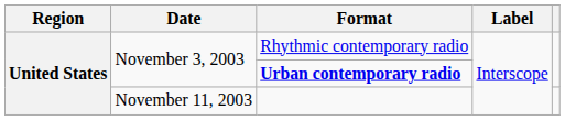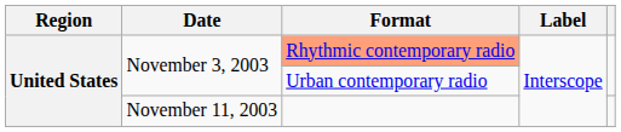 <table class="wikitable plainrowheaders">
 <tr>
 <th scope="col">Region</th>
 <th scope="col">Date</th>
 <th scope="col">Format</th>
 <th scope="col">Label</th>
 <th scope="col"></th>
 </tr>
 <tr>
 <th scope="row" rowspan="3">United States</th>
 <td rowspan="2">November 3, 2003</td>
-<td><a href='#'>Rhythmic contemporary radio</a></td>
+<td style="background: lightsalmon;"><a href='#'>Rhythmic contemporary radio</a></td>
 <td rowspan="3"><a href='#'>Interscope</a></td>
 <td align="center" rowspan="2"></td>
 </tr>
 <tr>
-<td><strong><a href='#'>Urban contemporary radio</a></strong></td>
+<td><a href='#'>Urban contemporary radio</a></td>
 </tr>
 <tr>
 <td>November 11, 2003</td>
 <td></td>
 <td align="center"></td>
 </tr>
 </table>
